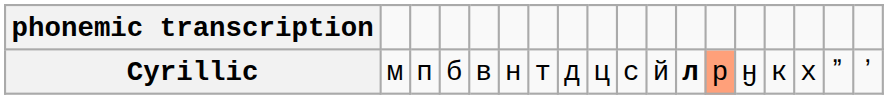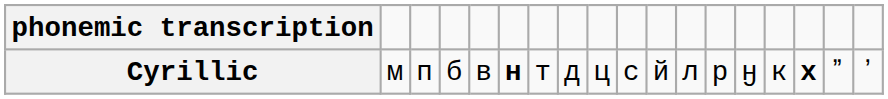 <table class="wikitable" style="text-align: center;">
 <tr>
 <th>phonemic transcription</th>
 <td></td>
 <td></td>
 <td></td>
 <td></td>
 <td></td>
 <td></td>
 <td></td>
 <td></td>
 <td></td>
 <td></td>
 <td></td>
 <td></td>
 <td></td>
 <td></td>
 <td></td>
 <td></td>
 <td></td>
 </tr>
 <tr>
 <th>Cyrillic</th>
 <td>м</td>
 <td>п</td>
 <td>б</td>
 <td>в</td>
-<td>н</td>
+<td><strong>н</strong></td>
 <td>т</td>
 <td>д</td>
 <td>ц</td>
 <td>с</td>
 <td>й</td>
-<td><strong>л</strong></td>
-<td style="background: lightsalmon;">р</td>
+<td>л</td>
+<td>р</td>
 <td>ӈ</td>
 <td>к</td>
-<td>х</td>
+<td><strong>х</strong></td>
 <td>ˮ</td>
 <td>ʼ</td>
 </tr>
 </table>
